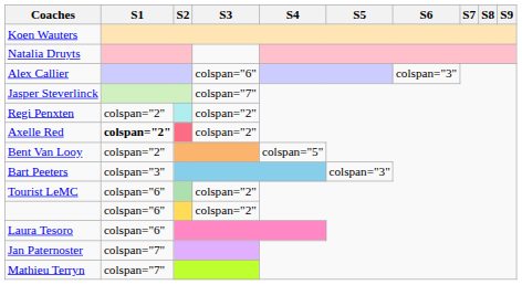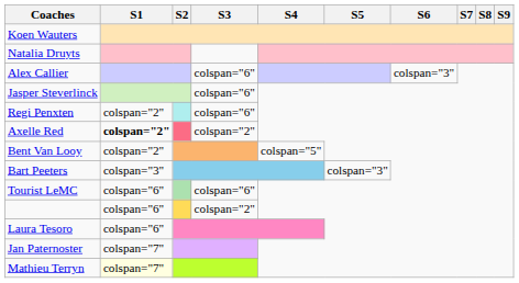 <table class="wikitable">
 <tr>
 <th>Coaches</th>
 <th>S1</th>
 <th>S2</th>
 <th>S3</th>
 <th>S4</th>
 <th>S5</th>
 <th>S6</th>
 <th>S7</th>
 <th>S8</th>
 <th>S9</th>
 </tr>
 <tr>
 <td><a href='#'>Koen Wauters</a></td>
 <td colspan="9" style="background:#ffe5b4"></td>
 </tr>
 <tr>
 <td><a href='#'>Natalia Druyts</a></td>
 <td colspan="2" style="background:pink"></td>
 <td></td>
 <td colspan="6" style="background:pink"></td>
 </tr>
 <tr>
 <td><a href='#'>Alex Callier</a></td>
 <td colspan="2" style="background:#ccf"></td>
 <td>colspan="6" </td>
 <td colspan="2" style="background:#ccf"></td>
 <td>colspan="3" </td>
 </tr>
 <tr>
 <td><a href='#'>Jasper Steverlinck</a></td>
 <td colspan="2" style="background:#d0f0c0"></td>
-<td>colspan="7" </td>
+<td>colspan="6" </td>
 </tr>
 <tr>
 <td><a href='#'>Regi Penxten</a></td>
 <td>colspan="2" </td>
 <td style="background:#afeeee"></td>
-<td>colspan="2" </td>
+<td>colspan="6" </td>
 </tr>
 <tr>
 <td><a href='#'>Axelle Red</a></td>
 <td><strong>colspan="2" </strong></td>
 <td style="background:#FC6C85"></td>
 <td>colspan="2" </td>
 </tr>
 <tr>
 <td><a href='#'>Bent Van Looy</a></td>
 <td>colspan="2" </td>
 <td colspan="2" style="background:#fbb46e"></td>
 <td>colspan="5" </td>
 </tr>
 <tr>
 <td><a href='#'>Bart Peeters</a></td>
 <td>colspan="3" </td>
 <td colspan="3" style="background:#87ceeb"></td>
 <td>colspan="3" </td>
 </tr>
 <tr>
 <td><a href='#'>Tourist LeMC</a></td>
 <td>colspan="6" </td>
 <td style="background:#ace1af"></td>
-<td>colspan="2" </td>
+<td>colspan="6" </td>
 </tr>
 <tr>
 <td><a href='#'></a></td>
 <td>colspan="6" </td>
 <td style="background:#ffdb58"></td>
 <td>colspan="2" </td>
 </tr>
 <tr>
 <td><a href='#'>Laura Tesoro</a></td>
 <td>colspan="6" </td>
 <td colspan="3" style="background:#FF87C3"></td>
 </tr>
 <tr>
 <td><a href='#'>Jan Paternoster</a></td>
 <td>colspan="7" </td>
 <td colspan="2" style="background:#e0b0ff"></td>
 </tr>
 <tr>
 <td><a href='#'>Mathieu Terryn</a></td>
-<td>colspan="7" </td>
+<td style="background: lightyellow;">colspan="7" </td>
 <td colspan="2" style="background:#bdff2f"></td>
 </tr>
 </table>
